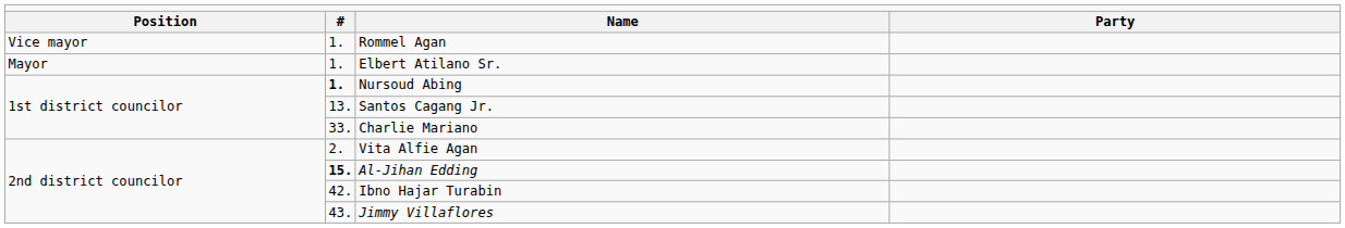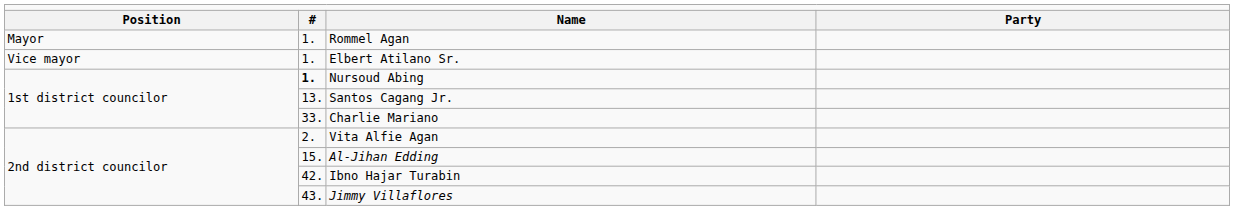 <table class=wikitable style="font-size:95%" width=99%>
 <tr>
 <td colspan="5"></td>
 </tr>
 <tr>
 <th width=24%>Position</th>
 <th width=1%>#</th>
 <th width=40%>Name</th>
 <th colspan=2>Party</th>
 </tr>
 <tr>
-<td>Vice mayor</td>
+<td>Mayor</td>
 <td>1.</td>
 <td>Rommel Agan</td>
 <td></td>
 </tr>
 <tr>
-<td>Mayor</td>
+<td>Vice mayor</td>
 <td>1.</td>
 <td>Elbert Atilano Sr.</td>
 <td></td>
 </tr>
 <tr>
 <td rowspan="3">1st district councilor</td>
 <td><strong>1.</strong></td>
 <td>Nursoud Abing</td>
 <td></td>
 </tr>
 <tr>
 <td>13.</td>
 <td>Santos Cagang Jr.</td>
 <td></td>
 </tr>
 <tr>
 <td>33.</td>
 <td>Charlie Mariano</td>
 <td></td>
 </tr>
 <tr>
 <td rowspan="4">2nd district councilor</td>
 <td>2.</td>
 <td>Vita Alfie Agan</td>
 <td></td>
 </tr>
 <tr>
-<td><strong>15.</strong></td>
+<td>15.</td>
 <td><em>Al-Jihan Edding</em></td>
 <td></td>
 </tr>
 <tr>
 <td>42.</td>
 <td>Ibno Hajar Turabin</td>
 <td></td>
 </tr>
 <tr>
 <td>43.</td>
 <td><em>Jimmy Villaflores</em></td>
 <td></td>
 </tr>
 </table>
